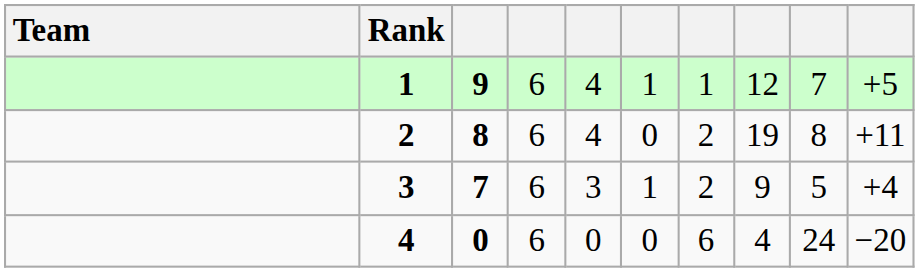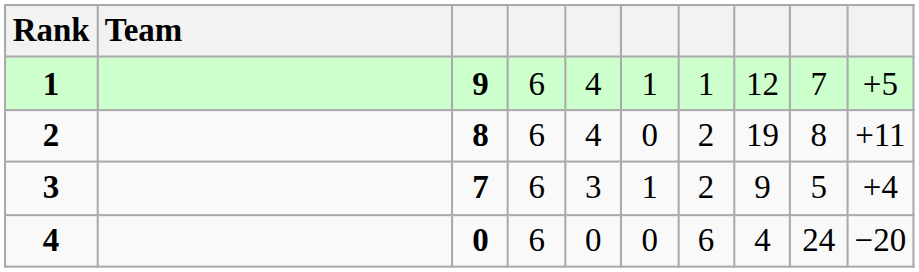 <table class="wikitable" style="text-align:center">
 <tr>
+<th width=30>Rank</th>
 <th width=165 style="text-align:left">Team</th>
-<th width=30>Rank</th>
 <th width=20></th>
 <th width=20></th>
 <th width=20></th>
 <th width=20></th>
 <th width=20></th>
 <th width=20></th>
 <th width=20></th>
 <th width=20></th>
 </tr>
 <tr bgcolor="#ccffcc">
+<td><strong>1</strong></td>
 <td align="left"></td>
-<td><strong>1</strong></td>
 <td><strong>9</strong></td>
 <td>6</td>
 <td>4</td>
 <td>1</td>
 <td>1</td>
 <td>12</td>
 <td>7</td>
 <td>+5</td>
 </tr>
 <tr>
+<td><strong>2</strong></td>
 <td align="left"></td>
-<td><strong>2</strong></td>
 <td><strong>8</strong></td>
 <td>6</td>
 <td>4</td>
 <td>0</td>
 <td>2</td>
 <td>19</td>
 <td>8</td>
 <td>+11</td>
 </tr>
 <tr>
+<td><strong>3</strong></td>
 <td align="left"></td>
-<td><strong>3</strong></td>
 <td><strong>7</strong></td>
 <td>6</td>
 <td>3</td>
 <td>1</td>
 <td>2</td>
 <td>9</td>
 <td>5</td>
 <td>+4</td>
 </tr>
 <tr>
+<td><strong>4</strong></td>
 <td align="left"></td>
-<td><strong>4</strong></td>
 <td><strong>0</strong></td>
 <td>6</td>
 <td>0</td>
 <td>0</td>
 <td>6</td>
 <td>4</td>
 <td>24</td>
 <td>−20</td>
 </tr>
 </table>
